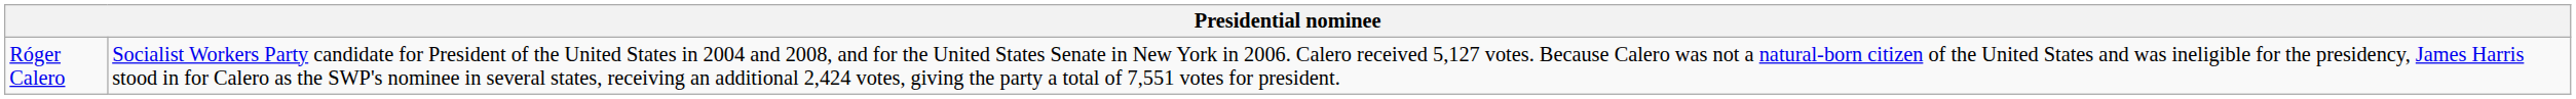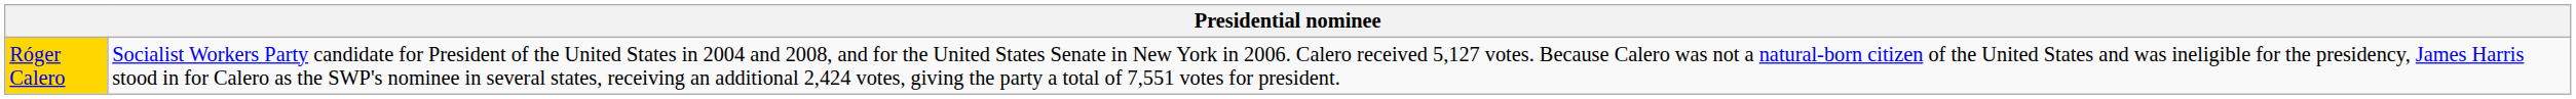 <table class=wikitable>
 <tr>
 <th colspan=3>Presidential nominee</th>
 </tr>
 <tr>
-<td><a href='#'>Róger Calero</a></td>
+<td style="background: gold;"><a href='#'>Róger Calero</a></td>
 <td><a href='#'>Socialist Workers Party</a> candidate for President of the United States in 2004 and 2008, and for the United States Senate in New York in 2006. Calero received 5,127 votes. Because Calero was not a <a href='#'>natural-born citizen</a> of the United States and was ineligible for the presidency, <a href='#'>James Harris</a> stood in for Calero as the SWP's nominee in several states, receiving an additional 2,424 votes, giving the party a total of 7,551 votes for president.</td>
 </tr>
 </table>
